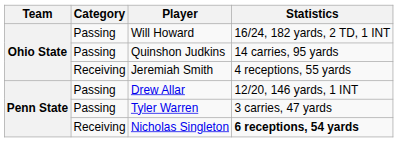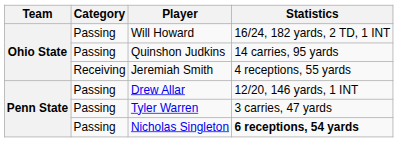 <table class="wikitable" style="float:right">
 <tr>
 <th>Team</th>
 <th>Category</th>
 <th>Player</th>
 <th>Statistics</th>
 </tr>
 <tr>
 <th rowspan=3>Ohio State</th>
 <td>Passing</td>
 <td>Will Howard</td>
 <td>16/24, 182 yards, 2 TD, 1 INT</td>
 </tr>
 <tr>
 <td>Passing</td>
 <td>Quinshon Judkins</td>
 <td>14 carries, 95 yards</td>
 </tr>
 <tr>
 <td>Receiving</td>
 <td>Jeremiah Smith</td>
 <td>4 receptions, 55 yards</td>
 </tr>
 <tr>
 <th rowspan=3>Penn State</th>
 <td>Passing</td>
 <td><a href='#'>Drew Allar</a></td>
 <td>12/20, 146 yards, 1 INT</td>
 </tr>
 <tr>
 <td>Passing</td>
 <td><a href='#'>Tyler Warren</a></td>
 <td>3 carries, 47 yards</td>
 </tr>
 <tr>
-<td>Receiving</td>
+<td>Passing</td>
 <td><a href='#'>Nicholas Singleton</a></td>
 <td><strong>6 receptions, 54 yards</strong></td>
 </tr>
 </table>
